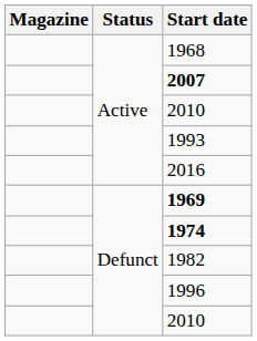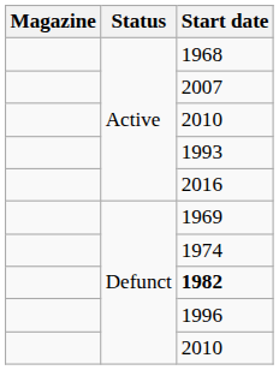 <table class="wikitable sortable">
 <tr>
 <th>Magazine</th>
 <th>Status</th>
 <th>Start date</th>
 </tr>
 <tr>
 <td></td>
 <td rowspan="5">Active</td>
 <td>1968</td>
 </tr>
 <tr>
 <td></td>
-<td><strong>2007</strong></td>
+<td>2007</td>
 </tr>
 <tr>
 <td></td>
 <td>2010</td>
 </tr>
 <tr>
 <td></td>
 <td>1993</td>
 </tr>
 <tr>
 <td></td>
 <td>2016</td>
 </tr>
 <tr>
 <td></td>
 <td rowspan="5">Defunct</td>
-<td><strong>1969</strong></td>
+<td>1969</td>
 </tr>
 <tr>
 <td></td>
-<td><strong>1974</strong></td>
+<td>1974</td>
 </tr>
 <tr>
 <td></td>
-<td>1982</td>
+<td><strong>1982</strong></td>
 </tr>
 <tr>
 <td></td>
 <td>1996</td>
 </tr>
 <tr>
 <td></td>
 <td>2010</td>
 </tr>
 </table>
